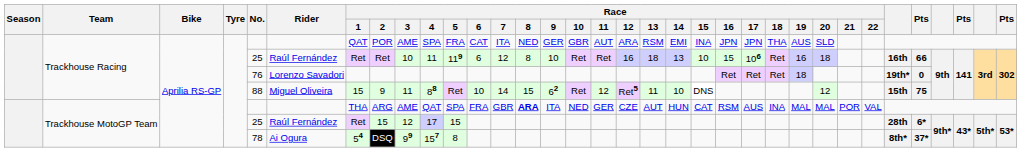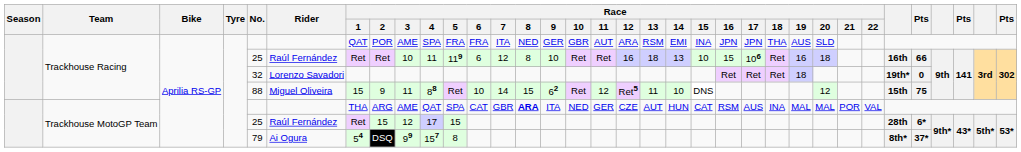 <table class="wikitable" style="text-align:center; font-size:85%;">
 <tr>
 <th scope="col" rowspan="2">Season</th>
 <th scope="col" rowspan="2">Team</th>
 <th scope="col" rowspan="2">Bike</th>
 <th scope="col" rowspan="2">Tyre</th>
 <th scope="col" rowspan="2">No.</th>
 <th scope="col" rowspan="2">Rider</th>
 <th scope="col" colspan="22">Race</th>
 <th scope="col" rowspan="2"></th>
 <th scope="col" rowspan="2">Pts</th>
 <th scope="col" rowspan="2"></th>
 <th scope="col" rowspan="2">Pts</th>
 <th scope="col" rowspan="2"></th>
 <th scope="col" rowspan="2">Pts</th>
 </tr>
 <tr>
 <th>1</th>
 <th>2</th>
 <th>3</th>
 <th>4</th>
 <th>5</th>
 <th>6</th>
 <th>7</th>
 <th>8</th>
 <th>9</th>
 <th>10</th>
 <th>11</th>
 <th>12</th>
 <th>13</th>
 <th>14</th>
 <th>15</th>
 <th>16</th>
 <th>17</th>
 <th>18</th>
 <th>19</th>
 <th>20</th>
 <th>21</th>
 <th>22</th>
 </tr>
 <tr>
 <th scope="row" rowspan="4"></th>
 <td style="text-align:left;" rowspan="4">Trackhouse Racing</td>
 <td rowspan="7"><a href='#'>Aprilia RS-GP</a></td>
 <td rowspan="7"></td>
 <td></td>
 <td></td>
 <td><a href='#'>QAT</a></td>
 <td><a href='#'>POR</a></td>
 <td><a href='#'>AME</a></td>
 <td><a href='#'>SPA</a></td>
 <td><a href='#'>FRA</a></td>
-<td><a href='#'>CAT</a></td>
+<td><a href='#'>FRA</a></td>
 <td><a href='#'>ITA</a></td>
 <td><a href='#'>NED</a></td>
 <td><a href='#'>GER</a></td>
 <td><a href='#'>GBR</a></td>
 <td><a href='#'>AUT</a></td>
 <td><a href='#'>ARA</a></td>
 <td><a href='#'>RSM</a></td>
 <td><a href='#'>EMI</a></td>
 <td><a href='#'>INA</a></td>
 <td><a href='#'>JPN</a></td>
 <td><a href='#'>JPN</a></td>
 <td><a href='#'>THA</a></td>
 <td><a href='#'>AUS</a></td>
 <td><a href='#'>SLD</a></td>
 <td></td>
 <td></td>
 </tr>
 <tr>
 <td>25</td>
 <td style="text-align:left;"> <a href='#'>Raúl Fernández</a></td>
 <td style="background:#EFCFFF;">Ret</td>
 <td style="background:#EFCFFF;">Ret</td>
 <td style="background:#DFFFDF;">10</td>
 <td style="background:#DFFFDF;">11</td>
 <td style="background:#DFFFDF;">11<sup><strong>9</strong></sup></td>
 <td style="background:#DFFFDF;">6</td>
 <td style="background:#DFFFDF;">12</td>
 <td style="background:#DFFFDF;">8</td>
 <td style="background:#DFFFDF;">10</td>
 <td style="background:#EFCFFF;">Ret</td>
 <td style="background:#EFCFFF;">Ret</td>
 <td style="background:#CFCFFF;">16</td>
 <td style="background:#CFCFFF;">18</td>
 <td style="background:#CFCFFF;">13</td>
 <td style="background:#DFFFDF;">10</td>
 <td style="background:#DFFFDF;">15</td>
 <td style="background:#DFFFDF;">10<sup><strong>6</strong></sup></td>
 <td style="background:#EFCFFF;">Ret</td>
 <td style="background:#CFCFFF;">16</td>
 <td style="background:#CFCFFF;">18</td>
 <td></td>
 <td></td>
 <th>16th</th>
 <th>66</th>
 <th rowspan="3">9th</th>
 <th rowspan="3">141</th>
 <th rowspan="3" style="background:#FFDF9F;">3rd</th>
 <th rowspan="3" style="background:#FFDF9F;">302</th>
 </tr>
 <tr>
-<td>76</td>
+<td>32</td>
 <td style="text-align:left;"> <a href='#'>Lorenzo Savadori</a></td>
 <td></td>
 <td></td>
 <td></td>
 <td></td>
 <td></td>
 <td></td>
 <td></td>
 <td></td>
 <td></td>
 <td></td>
 <td></td>
 <td></td>
 <td></td>
 <td></td>
 <td></td>
 <td style="background:#EFCFFF;">Ret</td>
 <td style="background:#EFCFFF;">Ret</td>
 <td style="background:#EFCFFF;">Ret</td>
 <td style="background:#CFCFFF;">18</td>
 <td></td>
 <td></td>
 <td></td>
 <th>19th*</th>
 <th>0</th>
 </tr>
 <tr>
 <td>88</td>
 <td style="text-align:left;"> <a href='#'>Miguel Oliveira</a></td>
 <td style="background:#DFFFDF;">15</td>
 <td style="background:#DFFFDF;">9</td>
 <td style="background:#DFFFDF;">11</td>
 <td style="background:#DFFFDF;">8<sup><strong>8</strong></sup></td>
 <td style="background:#EFCFFF;">Ret</td>
 <td style="background:#DFFFDF;">10</td>
 <td style="background:#DFFFDF;">14</td>
 <td style="background:#DFFFDF;">15</td>
 <td style="background:#DFFFDF;">6<sup><strong>2</strong></sup></td>
 <td style="background:#EFCFFF;">Ret</td>
 <td style="background:#DFFFDF;">12</td>
 <td style="background:#EFCFFF;">Ret<sup><strong>5</strong></sup></td>
 <td style="background:#DFFFDF;">11</td>
 <td style="background:#DFFFDF;">10</td>
 <td style="background:#FFFFFF;">DNS</td>
 <td></td>
 <td></td>
 <td></td>
 <td></td>
 <td style="background:#DFFFDF;">12</td>
 <td></td>
 <td></td>
 <th>15th</th>
 <th>75</th>
 </tr>
 <tr>
 <th scope="row" rowspan="3"></th>
 <td style="text-align:left;" rowspan="3">Trackhouse MotoGP Team</td>
 <td></td>
 <td></td>
 <td><a href='#'>THA</a></td>
 <td><a href='#'>ARG</a></td>
 <td><a href='#'>AME</a></td>
 <td><a href='#'>QAT</a></td>
 <td><a href='#'>SPA</a></td>
-<td><a href='#'>FRA</a></td>
+<td><a href='#'>CAT</a></td>
 <td><a href='#'>GBR</a></td>
 <td><strong><a href='#'>ARA</a></strong></td>
 <td><a href='#'>ITA</a></td>
 <td><a href='#'>NED</a></td>
 <td><a href='#'>GER</a></td>
 <td><a href='#'>CZE</a></td>
 <td><a href='#'>AUT</a></td>
 <td><a href='#'>HUN</a></td>
 <td><a href='#'>CAT</a></td>
 <td><a href='#'>RSM</a></td>
 <td><a href='#'>AUS</a></td>
 <td><a href='#'>INA</a></td>
 <td><a href='#'>MAL</a></td>
 <td><a href='#'>MAL</a></td>
 <td><a href='#'>POR</a></td>
 <td><a href='#'>VAL</a></td>
 </tr>
 <tr>
 <td>25</td>
 <td style="text-align:left;"> <a href='#'>Raúl Fernández</a></td>
 <td style="background:#EFCFFF;">Ret</td>
 <td style="background:#DFFFDF;">15</td>
 <td style="background:#DFFFDF;">12</td>
 <td style="background:#CFCFFF;">17</td>
 <td style="background:#DFFFDF;">15</td>
 <td style="background:#;"></td>
 <td style="background:#;"></td>
 <td style="background:#;"></td>
 <td style="background:#;"></td>
 <td style="background:#;"></td>
 <td style="background:#;"></td>
 <td style="background:#;"></td>
 <td style="background:#;"></td>
 <td style="background:#;"></td>
 <td style="background:#;"></td>
 <td style="background:#;"></td>
 <td style="background:#;"></td>
 <td style="background:#;"></td>
 <td style="background:#;"></td>
 <td style="background:#;"></td>
 <td style="background:#;"></td>
 <td style="background:#;"></td>
 <th>28th</th>
 <th>6*</th>
 <th rowspan="2">9th*</th>
 <th rowspan="2">43*</th>
 <th rowspan="2" style="background:#;">5th*</th>
 <th rowspan="2" style="background:#;">53*</th>
 </tr>
 <tr>
-<td>78</td>
+<td>79</td>
 <td style="text-align:left;"> <a href='#'>Ai Ogura</a></td>
 <td style="background:#DFFFDF;">5<sup><strong>4</strong></sup></td>
 <td style="background:#000000; color:#FFFFFF;">DSQ</td>
 <td style="background:#DFFFDF;">9<sup><strong>9</strong></sup></td>
 <td style="background:#DFFFDF;">15<sup><strong>7</strong></sup></td>
 <td style="background:#DFFFDF;">8</td>
 <td style="background:#;"></td>
 <td style="background:#;"></td>
 <td style="background:#;"></td>
 <td style="background:#;"></td>
 <td style="background:#;"></td>
 <td style="background:#;"></td>
 <td style="background:#;"></td>
 <td style="background:#;"></td>
 <td style="background:#;"></td>
 <td style="background:#;"></td>
 <td style="background:#;"></td>
 <td style="background:#;"></td>
 <td style="background:#;"></td>
 <td style="background:#;"></td>
 <td style="background:#;"></td>
 <td style="background:#;"></td>
 <td style="background:#;"></td>
 <th>8th*</th>
 <th>37*</th>
 </tr>
 </table>
